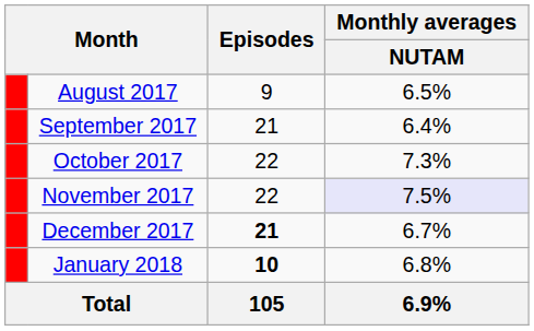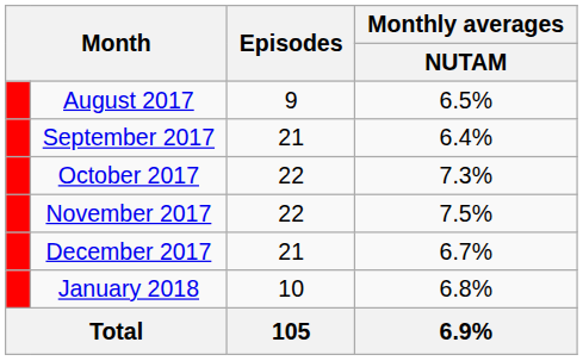 <table class="wikitable plainrowheaders" style="text-align: center; line-height:25px;">
 <tr class="wikitable" style="text-align: center;">
 <th colspan="2" rowspan="2" style="padding: 0 8px;">Month</th>
 <th rowspan="2" style="padding: 0 8px;">Episodes</th>
 <th colspan="2" style="padding: 0 8px;">Monthly averages</th>
 </tr>
 <tr>
 <th style="padding: 0 8px;">NUTAM</th>
 </tr>
 <tr>
 <td style="padding: 0 8px; background:#FF0000;"></td>
 <td style="padding: 0 8px;" '><a href='#'>August 2017</a></td>
 <td style="padding: 0 8px;">9</td>
 <td style="padding: 0 8px;">6.5%</td>
 </tr>
 <tr>
 <td style="padding: 0 8px; background:#FF0000;"></td>
 <td style="padding: 0 8px;" '><a href='#'>September 2017</a></td>
 <td style="padding: 0 8px;">21</td>
 <td style="padding: 0 8px;">6.4%</td>
 </tr>
 <tr>
 <td style="padding: 0 8px; background:#FF0000;"></td>
 <td style="padding: 0 8px;" '><a href='#'>October 2017</a></td>
 <td style="padding: 0 8px;">22</td>
 <td style="padding: 0 8px;">7.3%</td>
 </tr>
 <tr>
 <td style="padding: 0 8px; background:#FF0000;"></td>
 <td style="padding: 0 8px;" '><a href='#'>November 2017</a></td>
 <td style="padding: 0 8px;">22</td>
-<td style="background: lavender; padding: 0 8px;">7.5%</td>
+<td style="padding: 0 8px;">7.5%</td>
 </tr>
 <tr>
 <td style="padding: 0 8px; background:#FF0000;"></td>
 <td style="padding: 0 8px;" '><a href='#'>December 2017</a></td>
-<td style="padding: 0 8px;"><strong>21</strong></td>
+<td style="padding: 0 8px;">21</td>
 <td style="padding: 0 8px;">6.7%</td>
 </tr>
 <tr>
 <td style="padding: 0 8px; background:#FF0000;"></td>
 <td style="padding: 0 8px;" '><a href='#'>January 2018</a></td>
-<td style="padding: 0 8px;"><strong>10</strong></td>
+<td style="padding: 0 8px;">10</td>
 <td style="padding: 0 8px;">6.8%</td>
 </tr>
 <tr>
 <th colspan=2>Total</th>
 <th>105</th>
 <th>6.9%</th>
 </tr>
 </table>
